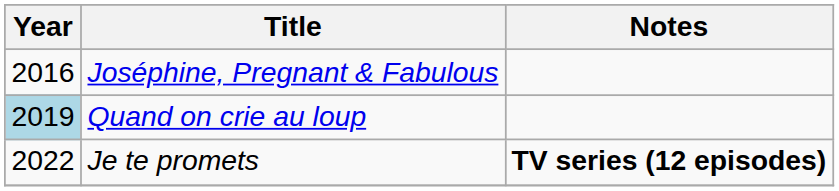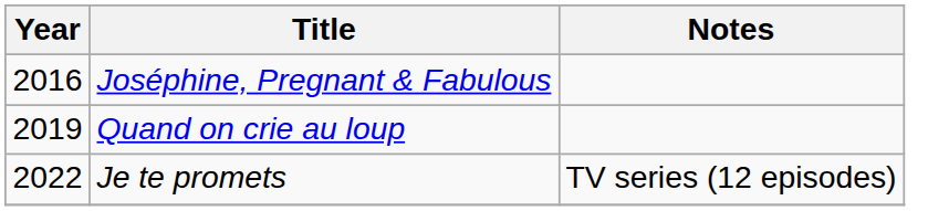 <table class="wikitable sortable">
 <tr>
 <th>Year</th>
 <th>Title</th>
 <th>Notes</th>
 </tr>
 <tr>
 <td>2016</td>
 <td><em><a href='#'>Joséphine, Pregnant & Fabulous</a></em></td>
 <td></td>
 </tr>
 <tr>
-<td style="background: lightblue;">2019</td>
+<td>2019</td>
 <td><em><a href='#'>Quand on crie au loup</a></em></td>
 <td></td>
 </tr>
 <tr>
 <td>2022</td>
 <td><em>Je te promets</em></td>
-<td><strong>TV series (12 episodes)</strong></td>
+<td>TV series (12 episodes)</td>
 </tr>
 <tr>
 </tr>
 </table>
